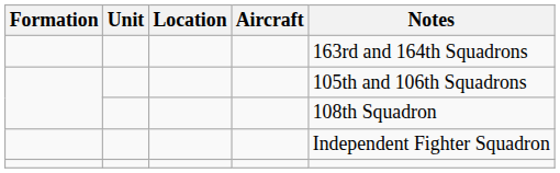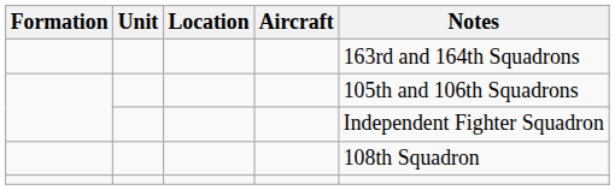 <table class="wikitable">
 <tr>
 <th scope="col">Formation</th>
 <th scope="col">Unit</th>
 <th scope="col">Location</th>
 <th scope="col">Aircraft</th>
 <th scope="col">Notes</th>
 </tr>
 <tr>
 <td rowspan=1></td>
 <td></td>
 <td></td>
 <td></td>
 <td>163rd and 164th Squadrons</td>
 </tr>
 <tr>
 <td rowspan=2></td>
 <td></td>
 <td></td>
 <td></td>
 <td>105th and 106th Squadrons</td>
 </tr>
 <tr>
 <td></td>
 <td></td>
 <td></td>
-<td>108th Squadron</td>
+<td>Independent Fighter Squadron</td>
 </tr>
 <tr>
 <td rowspan=1></td>
 <td></td>
 <td></td>
 <td></td>
-<td>Independent Fighter Squadron</td>
+<td>108th Squadron</td>
 </tr>
 <tr>
 <td rowspan=1></td>
 <td></td>
 <td></td>
 <td></td>
 <td></td>
 </tr>
 </table>
